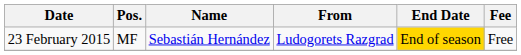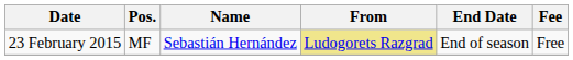 <table class="wikitable">
 <tr>
 <th>Date</th>
 <th>Pos.</th>
 <th>Name</th>
 <th>From</th>
 <th>End Date</th>
 <th>Fee</th>
 </tr>
 <tr>
 <td>23 February 2015</td>
 <td>MF</td>
 <td> <a href='#'>Sebastián Hernández</a></td>
-<td><a href='#'>Ludogorets Razgrad</a></td>
-<td style="background: gold;">End of season</td>
+<td style="background: khaki;"><a href='#'>Ludogorets Razgrad</a></td>
+<td>End of season</td>
 <td>Free</td>
 </tr>
 <tr>
 </tr>
 </table>
